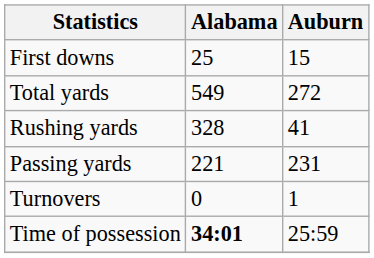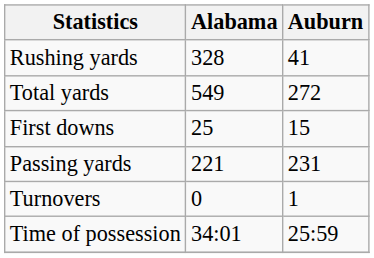 <table class="wikitable" style="float: left;">
 <tr>
 <th>Statistics</th>
 <th>Alabama</th>
 <th>Auburn</th>
 </tr>
 <tr>
-<td>First downs</td>
-<td>25</td>
-<td>15</td>
+<td>Rushing yards</td>
+<td>328</td>
+<td>41</td>
 </tr>
 <tr>
 <td>Total yards</td>
 <td>549</td>
 <td>272</td>
 </tr>
 <tr>
-<td>Rushing yards</td>
-<td>328</td>
-<td>41</td>
+<td>First downs</td>
+<td>25</td>
+<td>15</td>
 </tr>
 <tr>
 <td>Passing yards</td>
 <td>221</td>
 <td>231</td>
 </tr>
 <tr>
 <td>Turnovers</td>
 <td>0</td>
 <td>1</td>
 </tr>
 <tr>
 <td>Time of possession</td>
-<td><strong>34:01</strong></td>
+<td>34:01</td>
 <td>25:59</td>
 </tr>
 <tr>
 </tr>
 </table>
